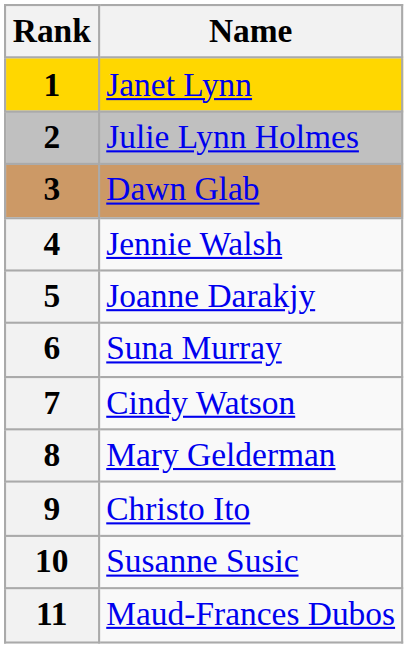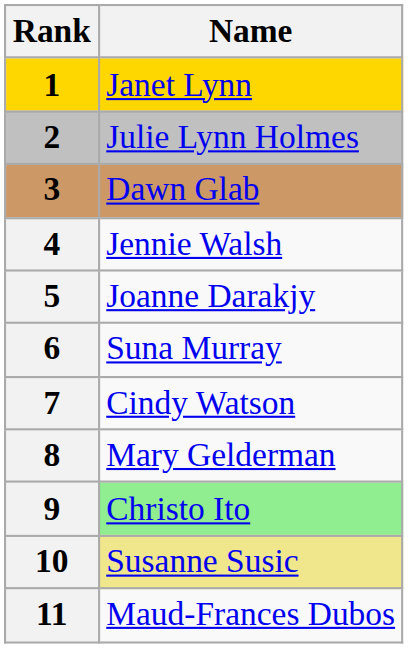 <table class="wikitable">
 <tr>
 <th>Rank</th>
 <th>Name</th>
 </tr>
 <tr bgcolor="gold">
 <td align="center"><strong>1</strong></td>
 <td><a href='#'>Janet Lynn</a></td>
 </tr>
 <tr bgcolor="silver">
 <td align="center"><strong>2</strong></td>
 <td><a href='#'>Julie Lynn Holmes</a></td>
 </tr>
 <tr bgcolor="cc9966">
 <td align="center"><strong>3</strong></td>
 <td><a href='#'>Dawn Glab</a></td>
 </tr>
 <tr>
 <th>4</th>
 <td><a href='#'>Jennie Walsh</a></td>
 </tr>
 <tr>
 <th>5</th>
 <td><a href='#'>Joanne Darakjy</a></td>
 </tr>
 <tr>
 <th>6</th>
 <td><a href='#'>Suna Murray</a></td>
 </tr>
 <tr>
 <th>7</th>
 <td><a href='#'>Cindy Watson</a></td>
 </tr>
 <tr>
 <th>8</th>
 <td><a href='#'>Mary Gelderman</a></td>
 </tr>
 <tr>
 <th>9</th>
-<td><a href='#'>Christo Ito</a></td>
+<td style="background: lightgreen;"><a href='#'>Christo Ito</a></td>
 </tr>
 <tr>
 <th>10</th>
-<td><a href='#'>Susanne Susic</a></td>
+<td style="background: khaki;"><a href='#'>Susanne Susic</a></td>
 </tr>
 <tr>
 <th>11</th>
 <td><a href='#'>Maud-Frances Dubos</a></td>
 </tr>
 </table>
